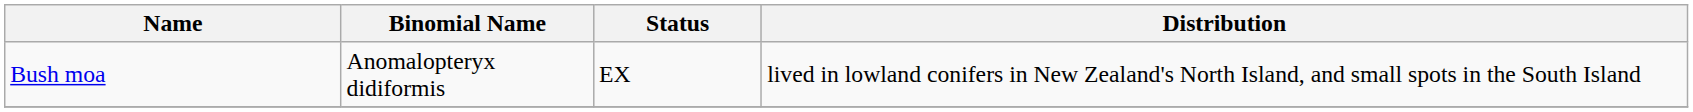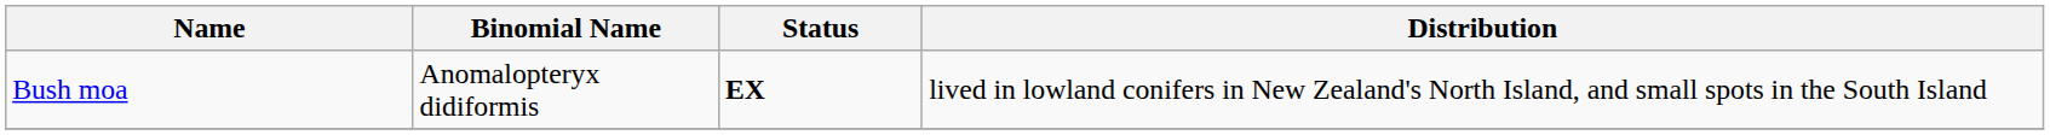 <table class="wikitable" style="width:90%">
 <tr>
 <th style="width:20%">Name</th>
 <th style="width:15%">Binomial Name</th>
 <th style="width:10%">Status</th>
 <th>Distribution</th>
 </tr>
 <tr>
 <td><a href='#'>Bush moa</a></td>
 <td>Anomalopteryx didiformis</td>
-<td>EX</td>
+<td><strong>EX</strong></td>
 <td>lived in lowland conifers in New Zealand's North Island, and small spots in the South Island</td>
 </tr>
 <tr>
 </tr>
 </table>
